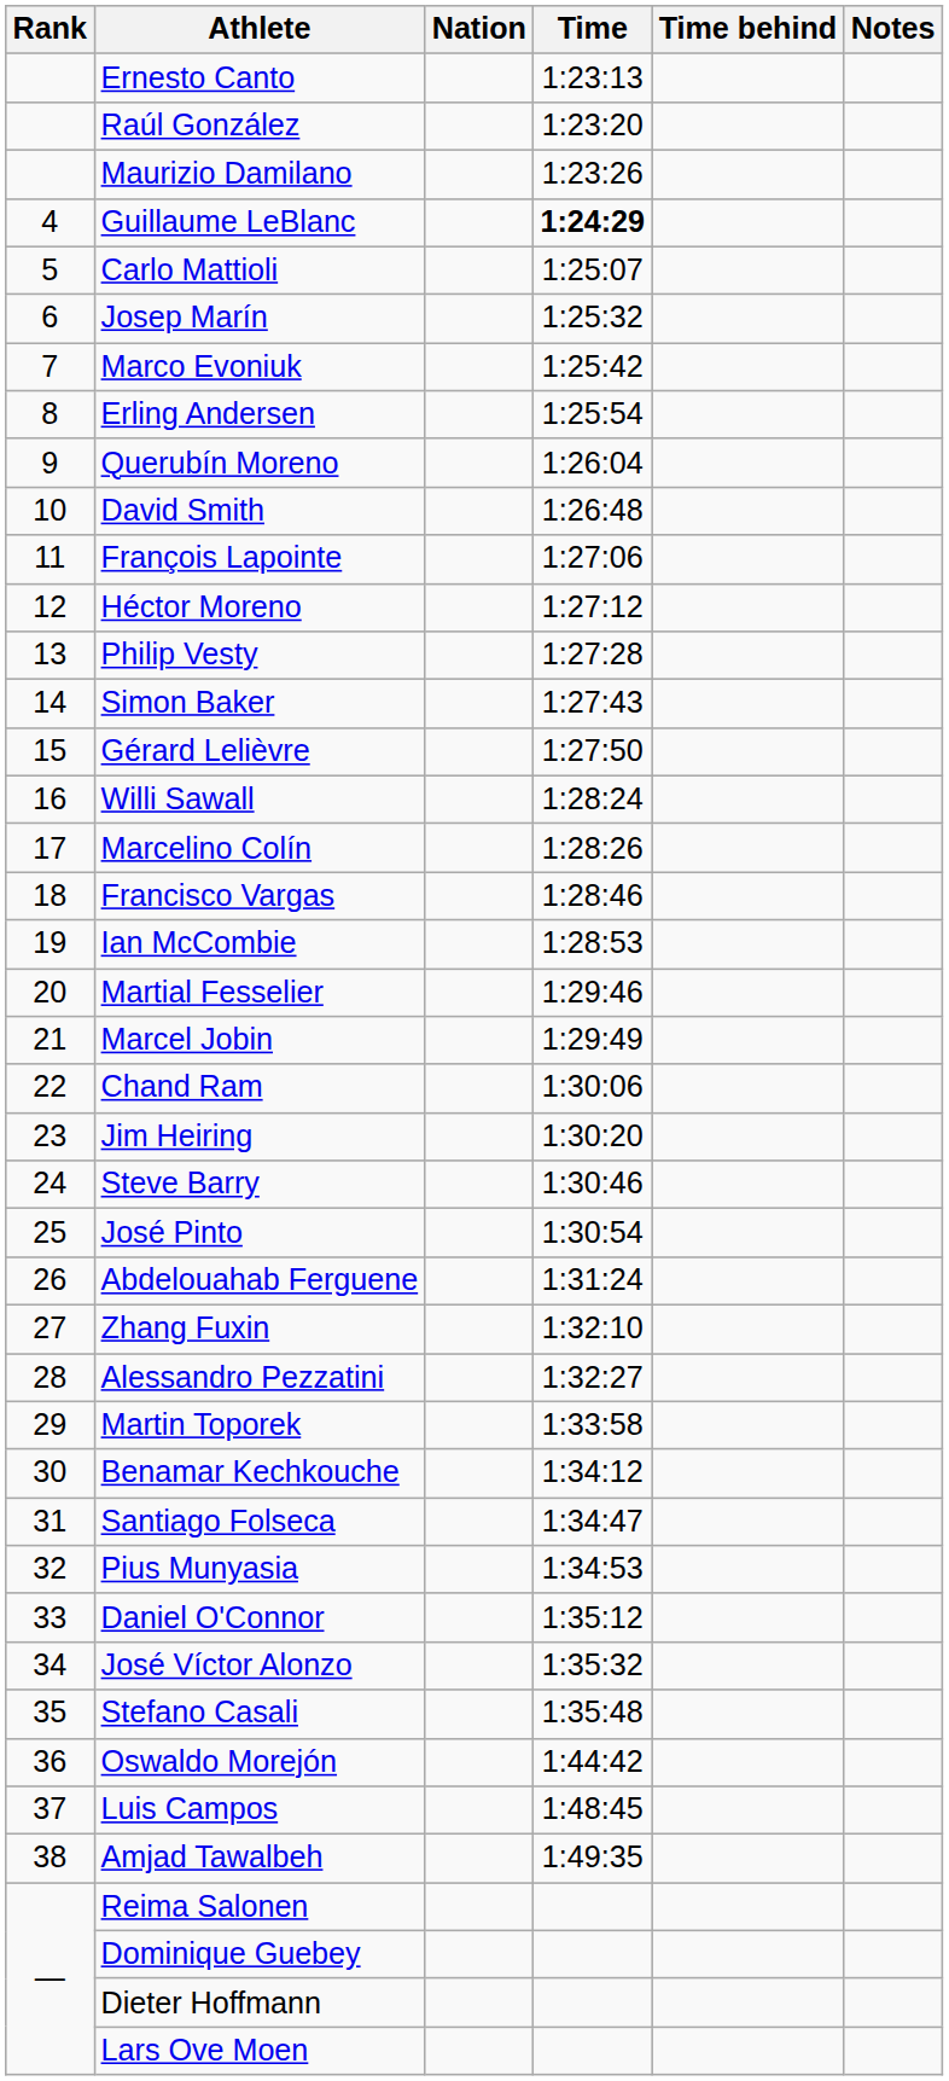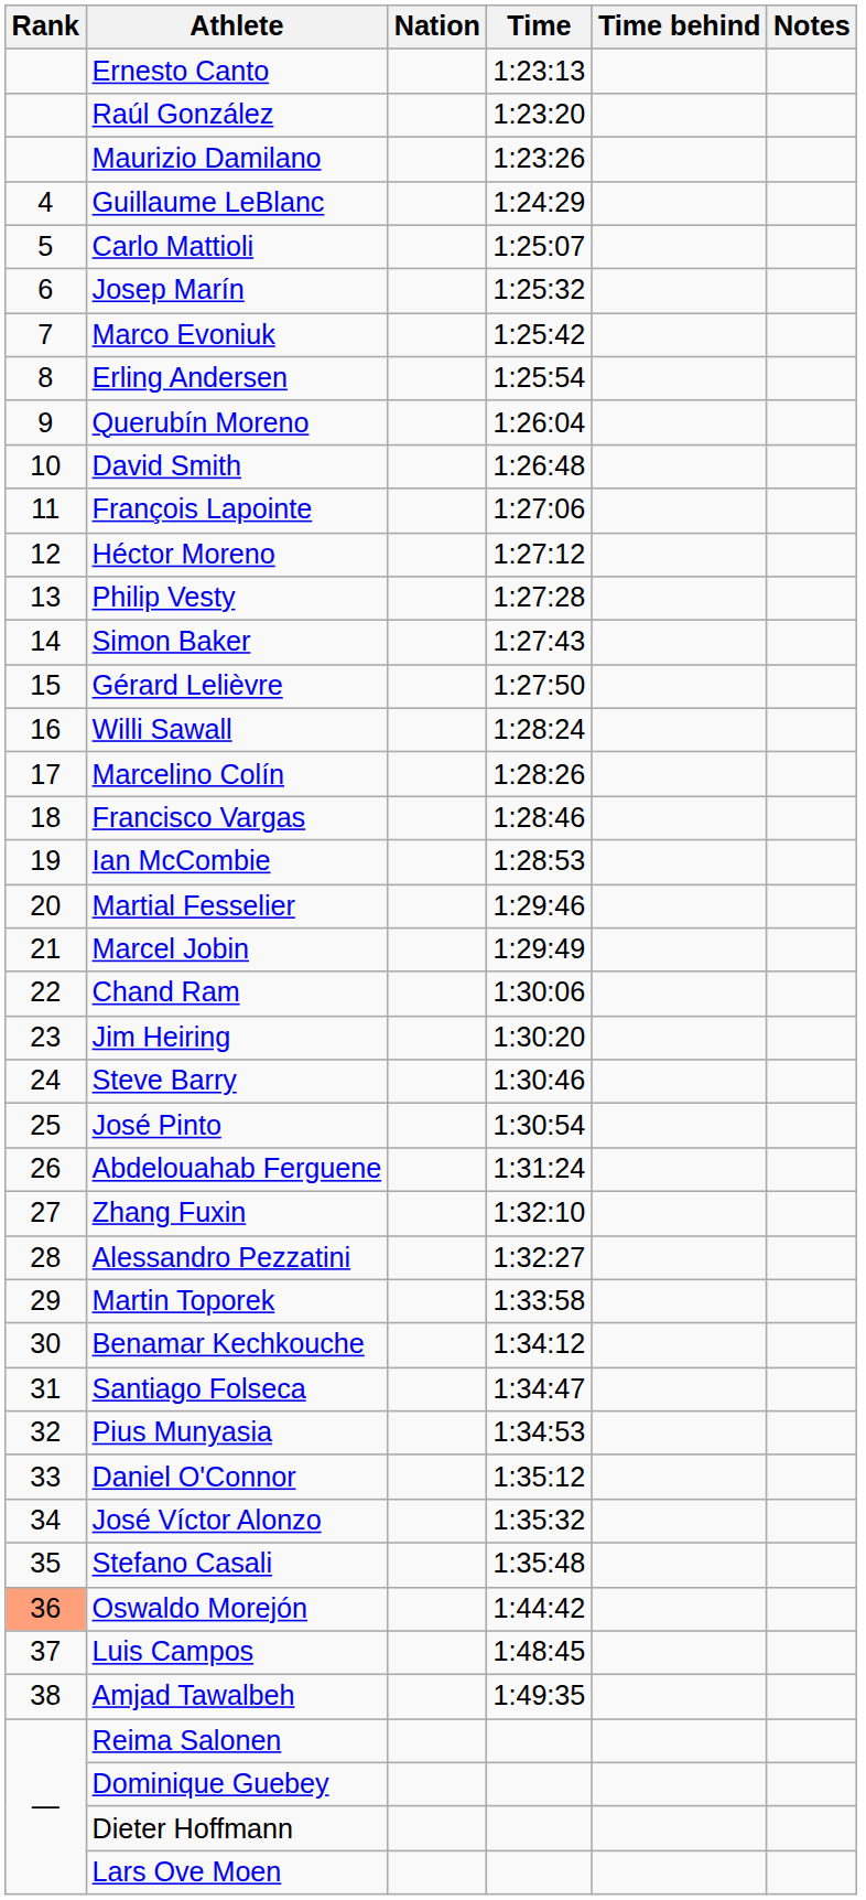 <table class="wikitable sortable" style="text-align:center">
 <tr>
 <th>Rank</th>
 <th>Athlete</th>
 <th>Nation</th>
 <th>Time</th>
 <th>Time behind</th>
 <th>Notes</th>
 </tr>
 <tr>
 <td></td>
 <td align=left><a href='#'>Ernesto Canto</a></td>
 <td align=left></td>
 <td>1:23:13</td>
 <td></td>
 <td></td>
 </tr>
 <tr>
 <td></td>
 <td align=left><a href='#'>Raúl González</a></td>
 <td align=left></td>
 <td>1:23:20</td>
 <td></td>
 <td></td>
 </tr>
 <tr>
 <td></td>
 <td align=left><a href='#'>Maurizio Damilano</a></td>
 <td align=left></td>
 <td>1:23:26</td>
 <td></td>
 <td></td>
 </tr>
 <tr>
 <td>4</td>
 <td align=left><a href='#'>Guillaume LeBlanc</a></td>
 <td align=left></td>
-<td><strong>1:24:29</strong></td>
+<td>1:24:29</td>
 <td></td>
 <td></td>
 </tr>
 <tr>
 <td>5</td>
 <td align=left><a href='#'>Carlo Mattioli</a></td>
 <td align=left></td>
 <td>1:25:07</td>
 <td></td>
 <td></td>
 </tr>
 <tr>
 <td>6</td>
 <td align=left><a href='#'>Josep Marín</a></td>
 <td align=left></td>
 <td>1:25:32</td>
 <td></td>
 <td></td>
 </tr>
 <tr>
 <td>7</td>
 <td align=left><a href='#'>Marco Evoniuk</a></td>
 <td align=left></td>
 <td>1:25:42</td>
 <td></td>
 <td></td>
 </tr>
 <tr>
 <td>8</td>
 <td align=left><a href='#'>Erling Andersen</a></td>
 <td align=left></td>
 <td>1:25:54</td>
 <td></td>
 <td></td>
 </tr>
 <tr>
 <td>9</td>
 <td align=left><a href='#'>Querubín Moreno</a></td>
 <td align=left></td>
 <td>1:26:04</td>
 <td></td>
 <td></td>
 </tr>
 <tr>
 <td>10</td>
 <td align=left><a href='#'>David Smith</a></td>
 <td align=left></td>
 <td>1:26:48</td>
 <td></td>
 <td></td>
 </tr>
 <tr>
 <td>11</td>
 <td align=left><a href='#'>François Lapointe</a></td>
 <td align=left></td>
 <td>1:27:06</td>
 <td></td>
 <td></td>
 </tr>
 <tr>
 <td>12</td>
 <td align=left><a href='#'>Héctor Moreno</a></td>
 <td align=left></td>
 <td>1:27:12</td>
 <td></td>
 <td></td>
 </tr>
 <tr>
 <td>13</td>
 <td align=left><a href='#'>Philip Vesty</a></td>
 <td align=left></td>
 <td>1:27:28</td>
 <td></td>
 <td></td>
 </tr>
 <tr>
 <td>14</td>
 <td align=left><a href='#'>Simon Baker</a></td>
 <td align=left></td>
 <td>1:27:43</td>
 <td></td>
 <td></td>
 </tr>
 <tr>
 <td>15</td>
 <td align=left><a href='#'>Gérard Lelièvre</a></td>
 <td align=left></td>
 <td>1:27:50</td>
 <td></td>
 <td></td>
 </tr>
 <tr>
 <td>16</td>
 <td align=left><a href='#'>Willi Sawall</a></td>
 <td align=left></td>
 <td>1:28:24</td>
 <td></td>
 <td></td>
 </tr>
 <tr>
 <td>17</td>
 <td align=left><a href='#'>Marcelino Colín</a></td>
 <td align=left></td>
 <td>1:28:26</td>
 <td></td>
 <td></td>
 </tr>
 <tr>
 <td>18</td>
 <td align=left><a href='#'>Francisco Vargas</a></td>
 <td align=left></td>
 <td>1:28:46</td>
 <td></td>
 <td></td>
 </tr>
 <tr>
 <td>19</td>
 <td align=left><a href='#'>Ian McCombie</a></td>
 <td align=left></td>
 <td>1:28:53</td>
 <td></td>
 <td></td>
 </tr>
 <tr>
 <td>20</td>
 <td align=left><a href='#'>Martial Fesselier</a></td>
 <td align=left></td>
 <td>1:29:46</td>
 <td></td>
 <td></td>
 </tr>
 <tr>
 <td>21</td>
 <td align=left><a href='#'>Marcel Jobin</a></td>
 <td align=left></td>
 <td>1:29:49</td>
 <td></td>
 <td></td>
 </tr>
 <tr>
 <td>22</td>
 <td align=left><a href='#'>Chand Ram</a></td>
 <td align=left></td>
 <td>1:30:06</td>
 <td></td>
 <td></td>
 </tr>
 <tr>
 <td>23</td>
 <td align=left><a href='#'>Jim Heiring</a></td>
 <td align=left></td>
 <td>1:30:20</td>
 <td></td>
 </tr>
 <tr>
 <td>24</td>
 <td align=left><a href='#'>Steve Barry</a></td>
 <td align=left></td>
 <td>1:30:46</td>
 <td></td>
 <td></td>
 </tr>
 <tr>
 <td>25</td>
 <td align=left><a href='#'>José Pinto</a></td>
 <td align=left></td>
 <td>1:30:54</td>
 <td></td>
 <td></td>
 </tr>
 <tr>
 <td>26</td>
 <td align=left><a href='#'>Abdelouahab Ferguene</a></td>
 <td align=left></td>
 <td>1:31:24</td>
 <td></td>
 <td></td>
 </tr>
 <tr>
 <td>27</td>
 <td align=left><a href='#'>Zhang Fuxin</a></td>
 <td align=left></td>
 <td>1:32:10</td>
 <td></td>
 <td></td>
 </tr>
 <tr>
 <td>28</td>
 <td align=left><a href='#'>Alessandro Pezzatini</a></td>
 <td align=left></td>
 <td>1:32:27</td>
 <td></td>
 <td></td>
 </tr>
 <tr>
 <td>29</td>
 <td align=left><a href='#'>Martin Toporek</a></td>
 <td align=left></td>
 <td>1:33:58</td>
 <td></td>
 <td></td>
 </tr>
 <tr>
 <td>30</td>
 <td align=left><a href='#'>Benamar Kechkouche</a></td>
 <td align=left></td>
 <td>1:34:12</td>
 <td></td>
 <td></td>
 </tr>
 <tr>
 <td>31</td>
 <td align=left><a href='#'>Santiago Folseca</a></td>
 <td align=left></td>
 <td>1:34:47</td>
 <td></td>
 <td></td>
 </tr>
 <tr>
 <td>32</td>
 <td align=left><a href='#'>Pius Munyasia</a></td>
 <td align=left></td>
 <td>1:34:53</td>
 <td></td>
 <td></td>
 </tr>
 <tr>
 <td>33</td>
 <td align=left><a href='#'>Daniel O'Connor</a></td>
 <td align=left></td>
 <td>1:35:12</td>
 <td></td>
 <td></td>
 </tr>
 <tr>
 <td>34</td>
 <td align=left><a href='#'>José Víctor Alonzo</a></td>
 <td align=left></td>
 <td>1:35:32</td>
 <td></td>
 <td></td>
 </tr>
 <tr>
 <td>35</td>
 <td align=left><a href='#'>Stefano Casali</a></td>
 <td align=left></td>
 <td>1:35:48</td>
 <td></td>
 <td></td>
 </tr>
 <tr>
-<td>36</td>
+<td style="background: lightsalmon;">36</td>
 <td align=left><a href='#'>Oswaldo Morejón</a></td>
 <td align=left></td>
 <td>1:44:42</td>
 <td></td>
 </tr>
 <tr>
 <td>37</td>
 <td align=left><a href='#'>Luis Campos</a></td>
 <td align=left></td>
 <td>1:48:45</td>
 <td></td>
 <td></td>
 </tr>
 <tr>
 <td>38</td>
 <td align=left><a href='#'>Amjad Tawalbeh</a></td>
 <td align=left></td>
 <td>1:49:35</td>
 <td></td>
 <td></td>
 </tr>
 <tr>
 <td rowspan="4">—</td>
 <td align=left><a href='#'>Reima Salonen</a></td>
 <td align=left></td>
 <td></td>
 <td></td>
 <td></td>
 </tr>
 <tr>
 <td align=left><a href='#'>Dominique Guebey</a></td>
 <td align=left></td>
 <td></td>
 <td></td>
 <td></td>
 </tr>
 <tr>
 <td align=left>Dieter Hoffmann</td>
 <td align=left></td>
 <td></td>
 <td></td>
 </tr>
 <tr>
 <td align=left><a href='#'>Lars Ove Moen</a></td>
 <td align=left></td>
 <td></td>
 <td></td>
 <td></td>
 </tr>
 </table>
